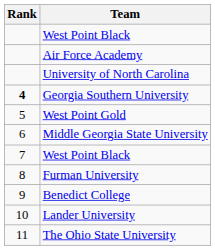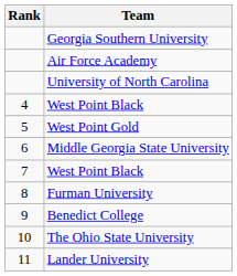 <table class="wikitable">
 <tr>
 <th>Rank</th>
 <th>Team</th>
 </tr>
 <tr>
 <td align=center></td>
-<td align="left"><a href='#'>West Point Black</a></td>
+<td align="left"><a href='#'>Georgia Southern University</a></td>
 </tr>
 <tr>
 <td align=center></td>
 <td align="left"><a href='#'>Air Force Academy</a></td>
 </tr>
 <tr>
 <td align=center></td>
 <td align="left"><a href='#'>University of North Carolina</a></td>
 </tr>
 <tr>
-<td align=center><strong>4</strong></td>
-<td align="left"><a href='#'>Georgia Southern University</a></td>
+<td align=center>4</td>
+<td align="left"><a href='#'>West Point Black</a></td>
 </tr>
 <tr>
 <td align=center>5</td>
 <td align="left"><a href='#'>West Point Gold</a></td>
 </tr>
 <tr>
 <td align=center>6</td>
 <td align="left"><a href='#'>Middle Georgia State University</a></td>
 </tr>
 <tr>
 <td align=center>7</td>
 <td align="left"><a href='#'>West Point Black</a></td>
 </tr>
 <tr>
 <td align=center>8</td>
 <td align="left"><a href='#'>Furman University</a></td>
 </tr>
 <tr>
 <td align=center>9</td>
 <td align="left"><a href='#'>Benedict College</a></td>
 </tr>
 <tr>
 <td align=center>10</td>
-<td align="left"><a href='#'>Lander University</a></td>
+<td align="left"><a href='#'>The Ohio State University</a></td>
 </tr>
 <tr>
 <td align=center>11</td>
-<td align="left"><a href='#'>The Ohio State University</a></td>
+<td align="left"><a href='#'>Lander University</a></td>
 </tr>
 </table>
